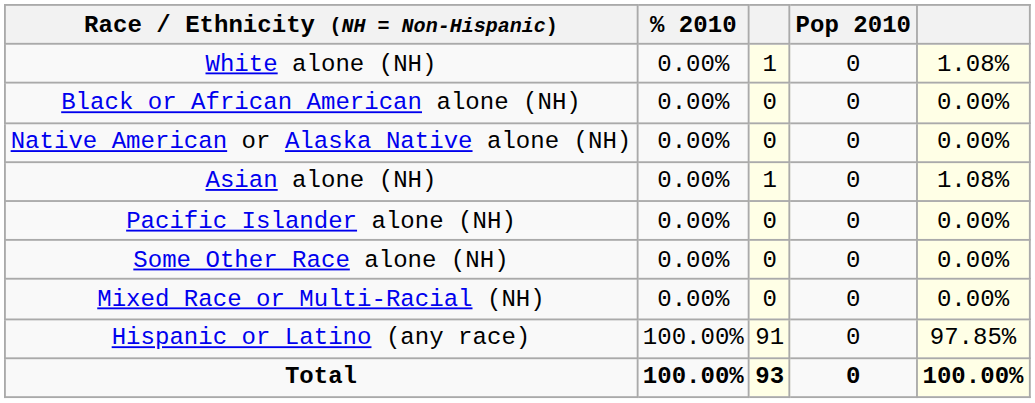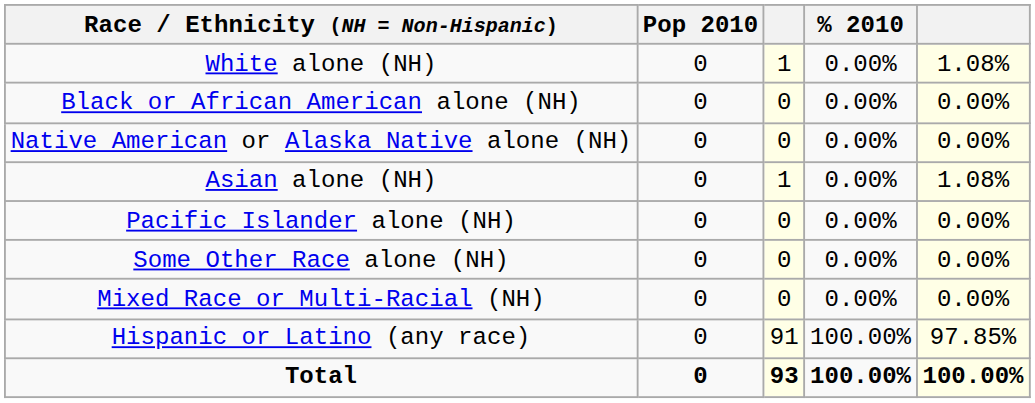 <table class="wikitable" style="text-align:center;">
 <tr>
 <th>Race / Ethnicity <small>(<em>NH = Non-Hispanic</em>)</small></th>
+<th>Pop 2010</th>
+<th></th>
 <th>% 2010</th>
-<th></th>
-<th>Pop 2010</th>
 <th></th>
 </tr>
 <tr>
 <td><a href='#'>White</a> alone (NH)</td>
+<td>0</td>
+<td style='background: #ffffe6;'>1</td>
 <td>0.00%</td>
-<td style='background: #ffffe6;'>1</td>
-<td>0</td>
 <td style='background: #ffffe6;'>1.08%</td>
 </tr>
 <tr>
 <td><a href='#'>Black or African American</a> alone (NH)</td>
+<td>0</td>
+<td style='background: #ffffe6;'>0</td>
 <td>0.00%</td>
-<td style='background: #ffffe6;'>0</td>
-<td>0</td>
 <td style='background: #ffffe6;'>0.00%</td>
 </tr>
 <tr>
 <td><a href='#'>Native American</a> or <a href='#'>Alaska Native</a> alone (NH)</td>
+<td>0</td>
+<td style='background: #ffffe6;'>0</td>
 <td>0.00%</td>
-<td style='background: #ffffe6;'>0</td>
-<td>0</td>
 <td style='background: #ffffe6;'>0.00%</td>
 </tr>
 <tr>
 <td><a href='#'>Asian</a> alone (NH)</td>
+<td>0</td>
+<td style='background: #ffffe6;'>1</td>
 <td>0.00%</td>
-<td style='background: #ffffe6;'>1</td>
-<td>0</td>
 <td style='background: #ffffe6;'>1.08%</td>
 </tr>
 <tr>
 <td><a href='#'>Pacific Islander</a> alone (NH)</td>
+<td>0</td>
+<td style='background: #ffffe6;'>0</td>
 <td>0.00%</td>
-<td style='background: #ffffe6;'>0</td>
-<td>0</td>
 <td style='background: #ffffe6;'>0.00%</td>
 </tr>
 <tr>
 <td><a href='#'>Some Other Race</a> alone (NH)</td>
+<td>0</td>
+<td style='background: #ffffe6;'>0</td>
 <td>0.00%</td>
-<td style='background: #ffffe6;'>0</td>
-<td>0</td>
 <td style='background: #ffffe6;'>0.00%</td>
 </tr>
 <tr>
 <td><a href='#'>Mixed Race or Multi-Racial</a> (NH)</td>
+<td>0</td>
+<td style='background: #ffffe6;'>0</td>
 <td>0.00%</td>
-<td style='background: #ffffe6;'>0</td>
-<td>0</td>
 <td style='background: #ffffe6;'>0.00%</td>
 </tr>
 <tr>
 <td><a href='#'>Hispanic or Latino</a> (any race)</td>
+<td>0</td>
+<td style='background: #ffffe6;'>91</td>
 <td>100.00%</td>
-<td style='background: #ffffe6;'>91</td>
-<td>0</td>
 <td style='background: #ffffe6;'>97.85%</td>
 </tr>
 <tr>
 <td><strong>Total</strong></td>
+<td><strong>0</strong></td>
+<td style='background: #ffffe6;'><strong>93</strong></td>
 <td><strong>100.00%</strong></td>
-<td style='background: #ffffe6;'><strong>93</strong></td>
-<td><strong>0</strong></td>
 <td style='background: #ffffe6;'><strong>100.00%</strong></td>
 </tr>
 </table>
